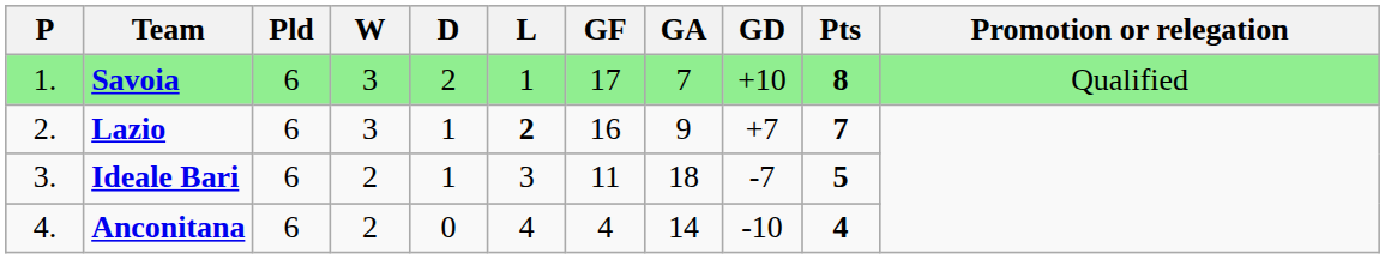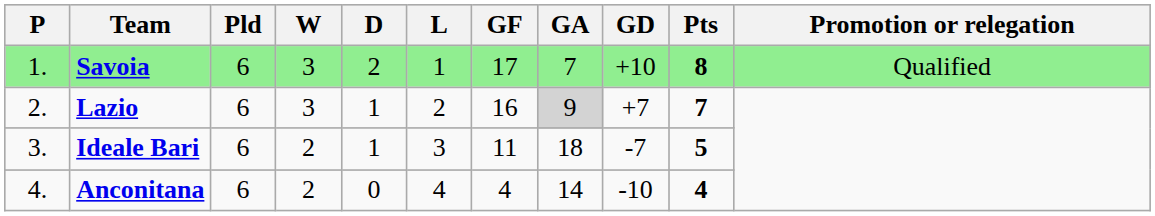 <table class="wikitable sortable" style="text-align: center;">
 <tr>
 <th width=33>P<br></th>
 <th>Team<br></th>
 <th width=33>Pld<br></th>
 <th width=33>W<br></th>
 <th width=33>D<br></th>
 <th width=33>L<br></th>
 <th width=33>GF<br></th>
 <th width=33>GA<br></th>
 <th width=33>GD<br></th>
 <th width=33>Pts<br></th>
 <th class="unsortable" width=250>Promotion or relegation<br></th>
 </tr>
 <tr style="background: #90EE90;">
 <td>1.</td>
 <td align="left"><strong><a href='#'>Savoia</a></strong></td>
 <td>6</td>
 <td>3</td>
 <td>2</td>
 <td>1</td>
 <td>17</td>
 <td>7</td>
 <td>+10</td>
 <td><strong>8</strong></td>
 <td>Qualified</td>
 </tr>
 <tr>
 <td>2.</td>
 <td align="left"><strong><a href='#'>Lazio</a></strong></td>
 <td>6</td>
 <td>3</td>
 <td>1</td>
-<td><strong>2</strong></td>
+<td>2</td>
 <td>16</td>
-<td>9</td>
+<td style="background: lightgrey;">9</td>
 <td>+7</td>
 <td><strong>7</strong></td>
 </tr>
 <tr>
 <td>3.</td>
 <td align="left"><strong><a href='#'>Ideale Bari</a></strong></td>
 <td>6</td>
 <td>2</td>
 <td>1</td>
 <td>3</td>
 <td>11</td>
 <td>18</td>
 <td>-7</td>
 <td><strong>5</strong></td>
 </tr>
 <tr>
 <td>4.</td>
 <td align="left"><strong><a href='#'>Anconitana</a></strong></td>
 <td>6</td>
 <td>2</td>
 <td>0</td>
 <td>4</td>
 <td>4</td>
 <td>14</td>
 <td>-10</td>
 <td><strong>4</strong></td>
 </tr>
 </table>
